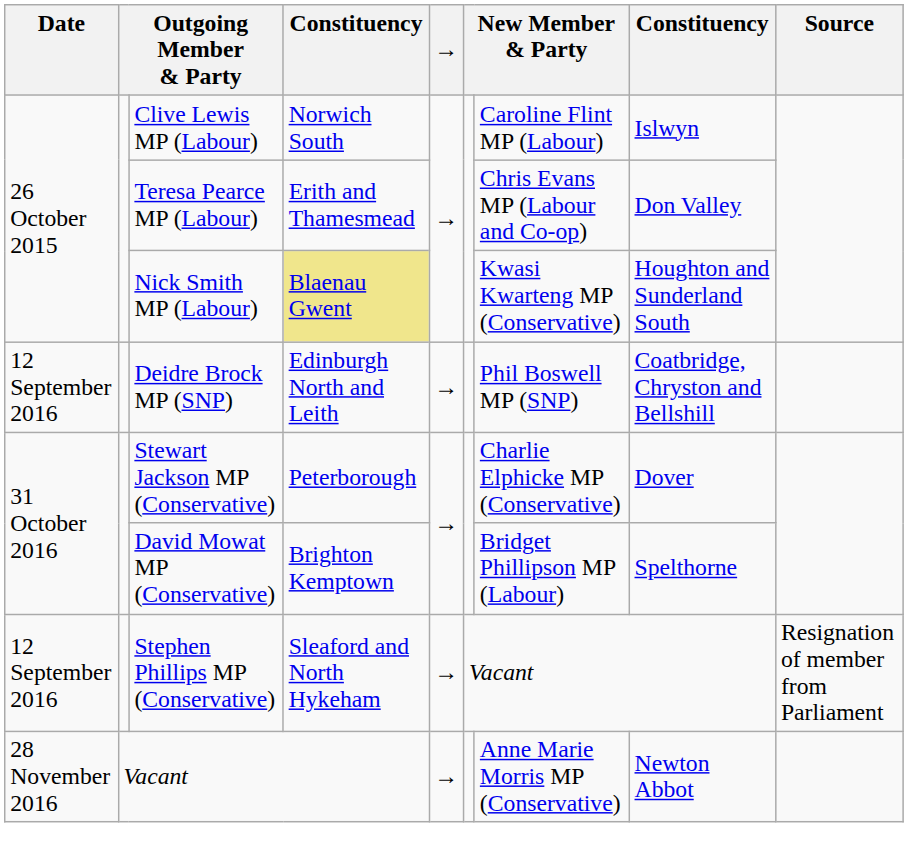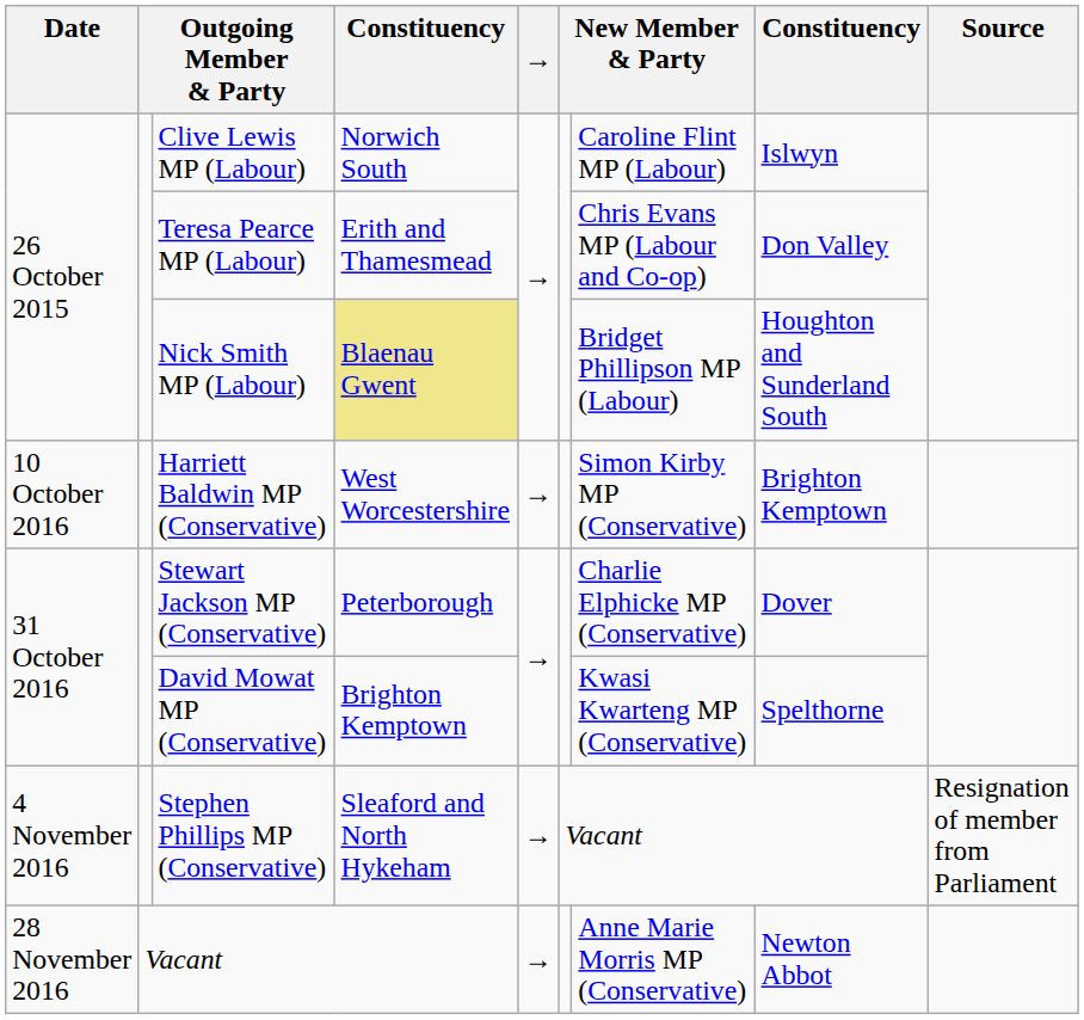 <table class="wikitable">
 <tr>
 <th valign="top">Date</th>
 <th colspan="2" valign="top">Outgoing Member<br>& Party</th>
 <th valign="top">Constituency</th>
 <th>→</th>
 <th colspan="2" valign="top">New Member<br>& Party</th>
 <th valign="top">Constituency</th>
 <th valign="top">Source</th>
 </tr>
 <tr>
 <td rowspan=3>26 October 2015</td>
 <td rowspan=3 style="color:inherit;background:"></td>
 <td><a href='#'>Clive Lewis</a> MP (<a href='#'>Labour</a>)</td>
 <td><a href='#'>Norwich South</a></td>
 <td rowspan=3>→</td>
 <td rowspan=3 style="color:inherit;background:"></td>
 <td><a href='#'>Caroline Flint</a> MP (<a href='#'>Labour</a>)</td>
 <td><a href='#'>Islwyn</a></td>
 <td rowspan=3></td>
 </tr>
 <tr>
 <td><a href='#'>Teresa Pearce</a> MP (<a href='#'>Labour</a>)</td>
 <td><a href='#'>Erith and Thamesmead</a></td>
 <td><a href='#'>Chris Evans</a> MP (<a href='#'>Labour and Co-op</a>)</td>
 <td><a href='#'>Don Valley</a></td>
 </tr>
 <tr>
 <td><a href='#'>Nick Smith</a> MP (<a href='#'>Labour</a>)</td>
 <td style="background: khaki;"><a href='#'>Blaenau Gwent</a></td>
-<td><a href='#'>Kwasi Kwarteng</a> MP (<a href='#'>Conservative</a>)</td>
+<td><a href='#'>Bridget Phillipson</a> MP (<a href='#'>Labour</a>)</td>
 <td><a href='#'>Houghton and Sunderland South</a></td>
 </tr>
 <tr>
-<td>12 September 2016</td>
+<td>10 October 2016</td>
 <td style="color:inherit;background:"></td>
-<td><a href='#'>Deidre Brock</a> MP (<a href='#'>SNP</a>)</td>
-<td><a href='#'>Edinburgh North and Leith</a></td>
+<td><a href='#'>Harriett Baldwin</a> MP (<a href='#'>Conservative</a>)</td>
+<td><a href='#'>West Worcestershire</a></td>
 <td>→</td>
 <td style="color:inherit;background:"></td>
-<td><a href='#'>Phil Boswell</a> MP (<a href='#'>SNP</a>)</td>
-<td><a href='#'>Coatbridge, Chryston and Bellshill</a></td>
+<td><a href='#'>Simon Kirby</a> MP (<a href='#'>Conservative</a>)</td>
+<td><a href='#'>Brighton Kemptown</a></td>
 <td></td>
 </tr>
 <tr>
 <td rowspan=2>31 October 2016</td>
 <td rowspan=2 style="color:inherit;background:"></td>
 <td><a href='#'>Stewart Jackson</a> MP (<a href='#'>Conservative</a>)</td>
 <td><a href='#'>Peterborough</a></td>
 <td rowspan=2>→</td>
 <td rowspan=2 style="color:inherit;background:"></td>
 <td><a href='#'>Charlie Elphicke</a> MP (<a href='#'>Conservative</a>)</td>
 <td><a href='#'>Dover</a></td>
 <td rowspan=2></td>
 </tr>
 <tr>
 <td><a href='#'>David Mowat</a> MP (<a href='#'>Conservative</a>)</td>
 <td><a href='#'>Brighton Kemptown</a></td>
-<td><a href='#'>Bridget Phillipson</a> MP (<a href='#'>Labour</a>)</td>
+<td><a href='#'>Kwasi Kwarteng</a> MP (<a href='#'>Conservative</a>)</td>
 <td><a href='#'>Spelthorne</a></td>
 </tr>
 <tr>
-<td>12 September 2016</td>
+<td>4 November 2016</td>
 <td style="color:inherit;background:"></td>
 <td><a href='#'>Stephen Phillips</a> MP (<a href='#'>Conservative</a>)</td>
 <td><a href='#'>Sleaford and North Hykeham</a></td>
 <td>→</td>
 <td colspan=3><em>Vacant</em></td>
 <td>Resignation of member from Parliament</td>
 </tr>
 <tr>
 <td>28 November 2016</td>
 <td colspan=3><em>Vacant</em></td>
 <td>→</td>
 <td style="color:inherit;background:"></td>
 <td><a href='#'>Anne Marie Morris</a> MP (<a href='#'>Conservative</a>)</td>
 <td><a href='#'>Newton Abbot</a></td>
 <td></td>
 </tr>
 </table>
